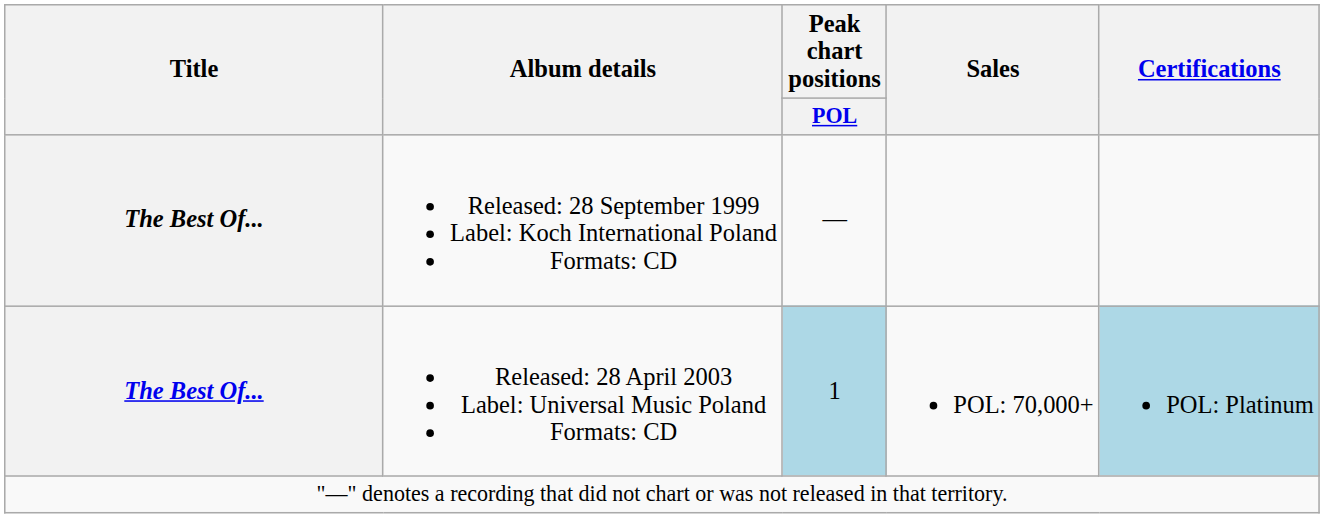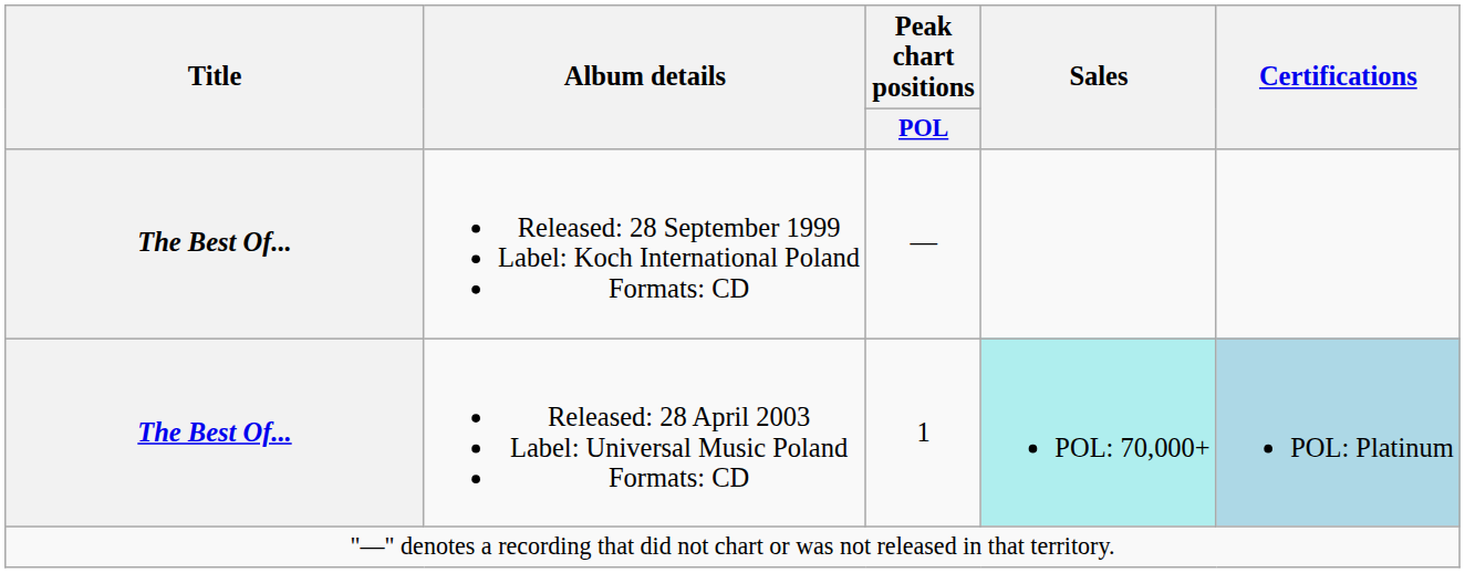 <table class="wikitable plainrowheaders" style="text-align:center;">
 <tr>
 <th scope="col" rowspan="2" style="width:15em;">Title</th>
 <th scope="col" rowspan="2">Album details</th>
 <th scope="col">Peak chart positions</th>
 <th scope="col" rowspan="2">Sales</th>
 <th scope="col" rowspan="2"><a href='#'>Certifications</a></th>
 </tr>
 <tr>
 <th scope="col" style="width:3em;font-size:90%;"><a href='#'>POL</a><br></th>
 </tr>
 <tr>
 <th scope="row"><em>The Best Of...</em></th>
 <td><br><ul><li>Released: 28 September 1999</li><li>Label: Koch International Poland</li><li>Formats: CD</li></ul></td>
 <td>—</td>
 <td></td>
 <td></td>
 </tr>
 <tr>
 <th scope="row"><em><a href='#'>The Best Of...</a></em></th>
 <td><br><ul><li>Released: 28 April 2003</li><li>Label: Universal Music Poland</li><li>Formats: CD</li></ul></td>
-<td style="background: lightblue;">1</td>
-<td><br><ul><li>POL: 70,000+</li></ul></td>
+<td>1</td>
+<td style="background: paleturquoise;"><br><ul><li>POL: 70,000+</li></ul></td>
 <td style="background: lightblue;"><br><ul><li>POL: Platinum</li></ul></td>
 </tr>
 <tr>
 <td colspan="20" style="font-size:90%">"—" denotes a recording that did not chart or was not released in that territory.</td>
 </tr>
 </table>
